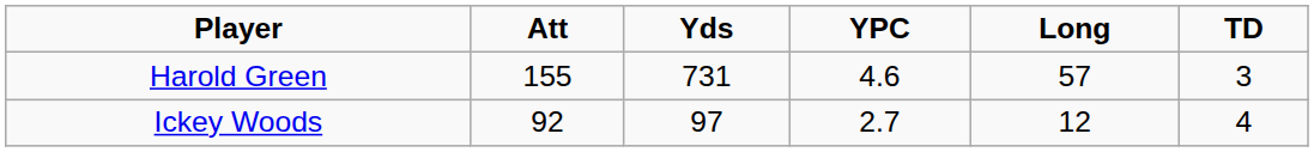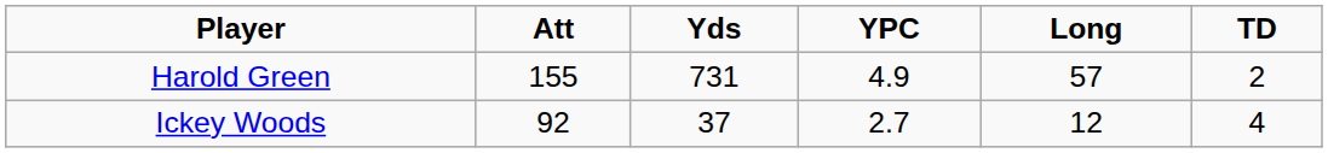 <table class="wikitable" width="80%">
 <tr align="center">
 <td><strong>Player</strong></td>
 <td><strong>Att</strong></td>
 <td><strong>Yds</strong></td>
 <td><strong>YPC</strong></td>
 <td><strong>Long</strong></td>
 <td><strong>TD</strong></td>
 </tr>
 <tr align="center" bgcolor="">
 <td><a href='#'>Harold Green</a></td>
 <td>155</td>
 <td>731</td>
-<td>4.6</td>
+<td>4.9</td>
 <td>57</td>
-<td>3</td>
+<td>2</td>
 </tr>
 <tr align="center" bgcolor="">
 <td><a href='#'>Ickey Woods</a></td>
 <td>92</td>
-<td>97</td>
+<td>37</td>
 <td>2.7</td>
 <td>12</td>
 <td>4</td>
 </tr>
 </table>
